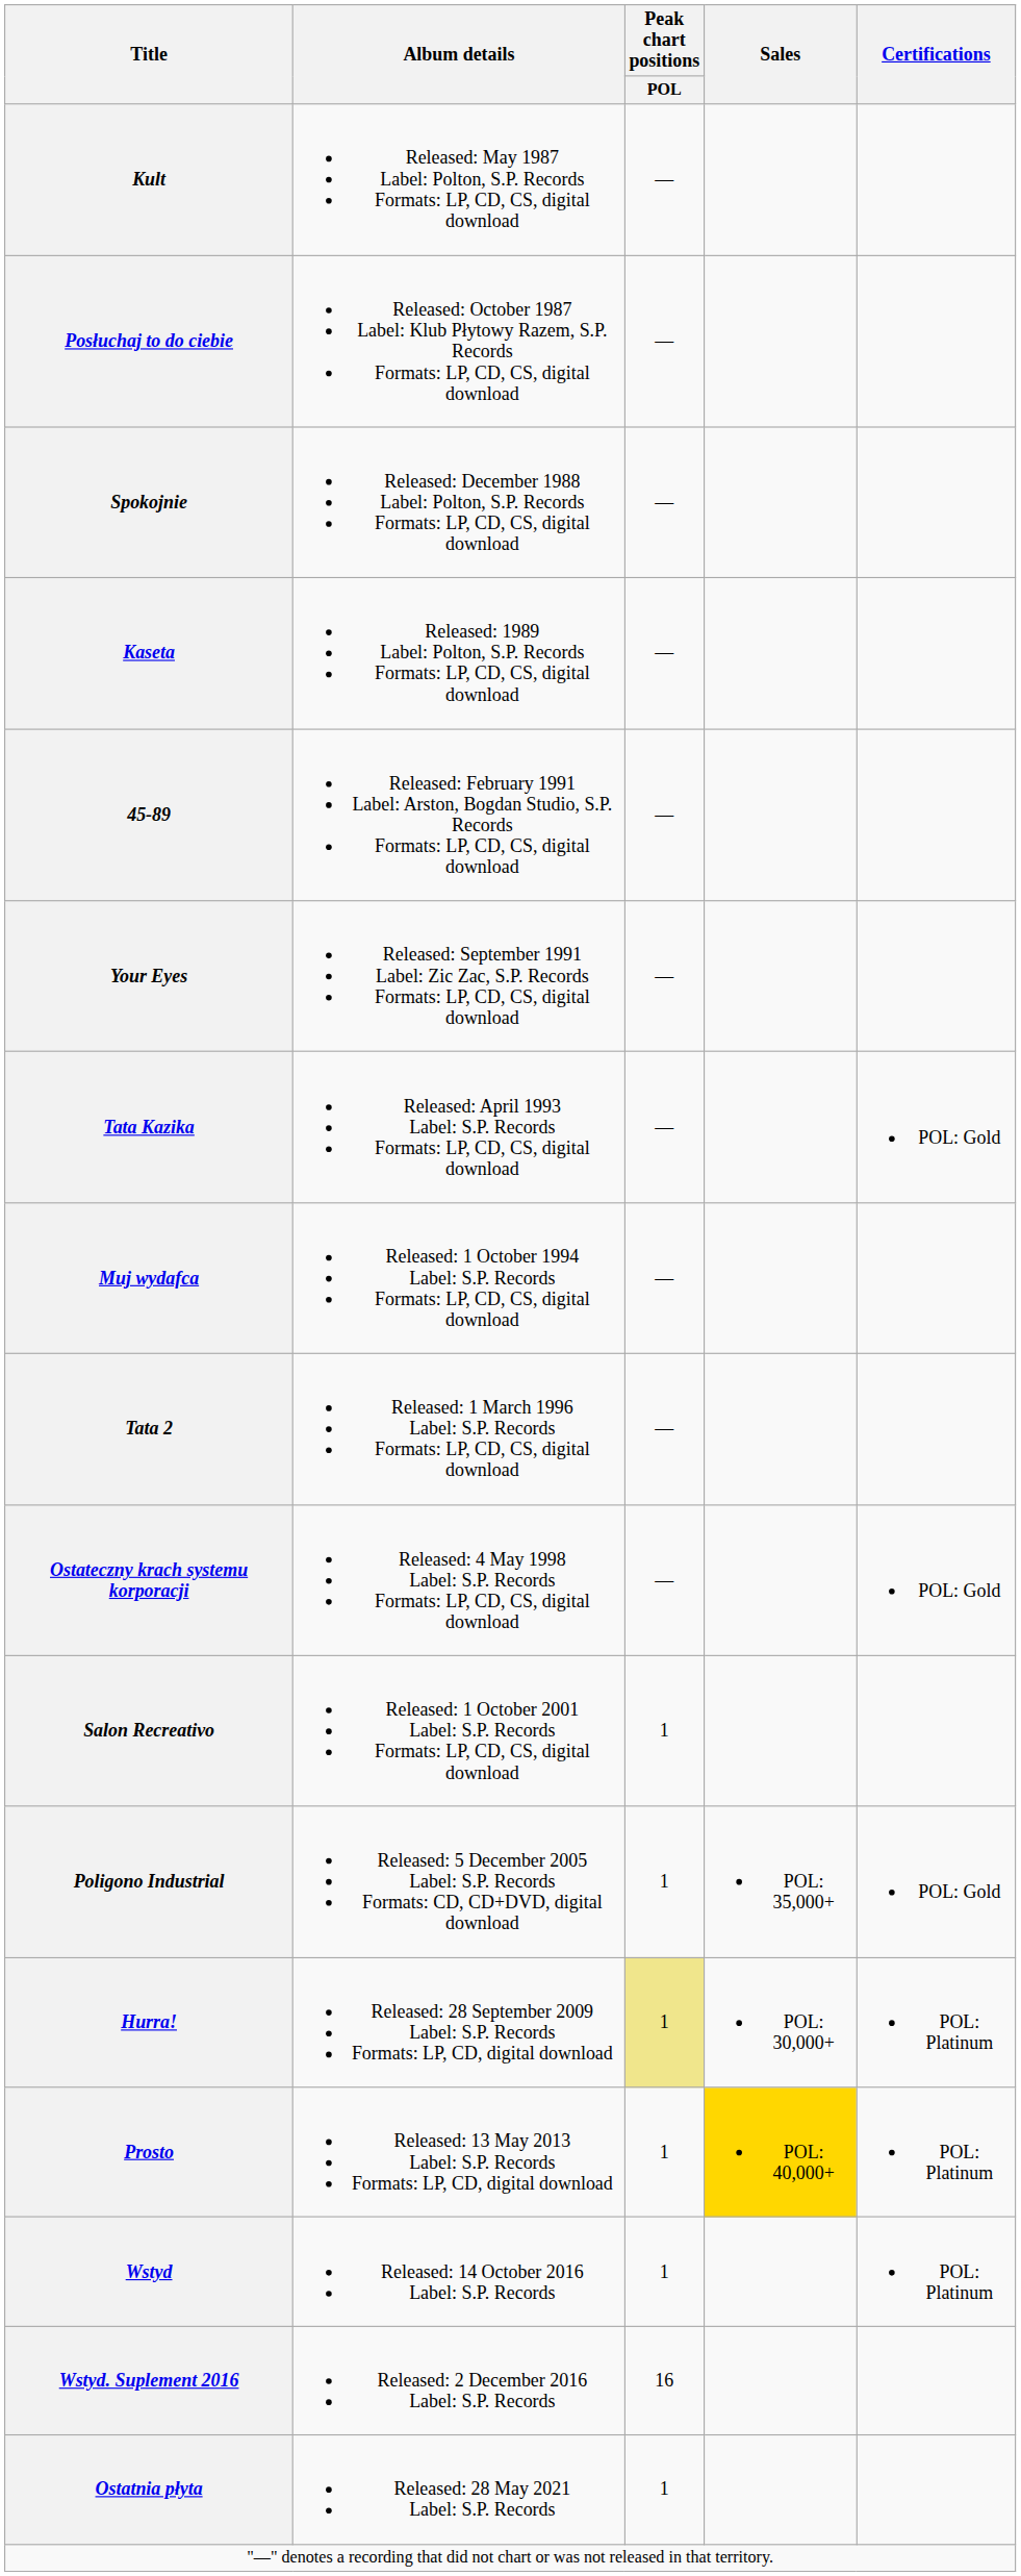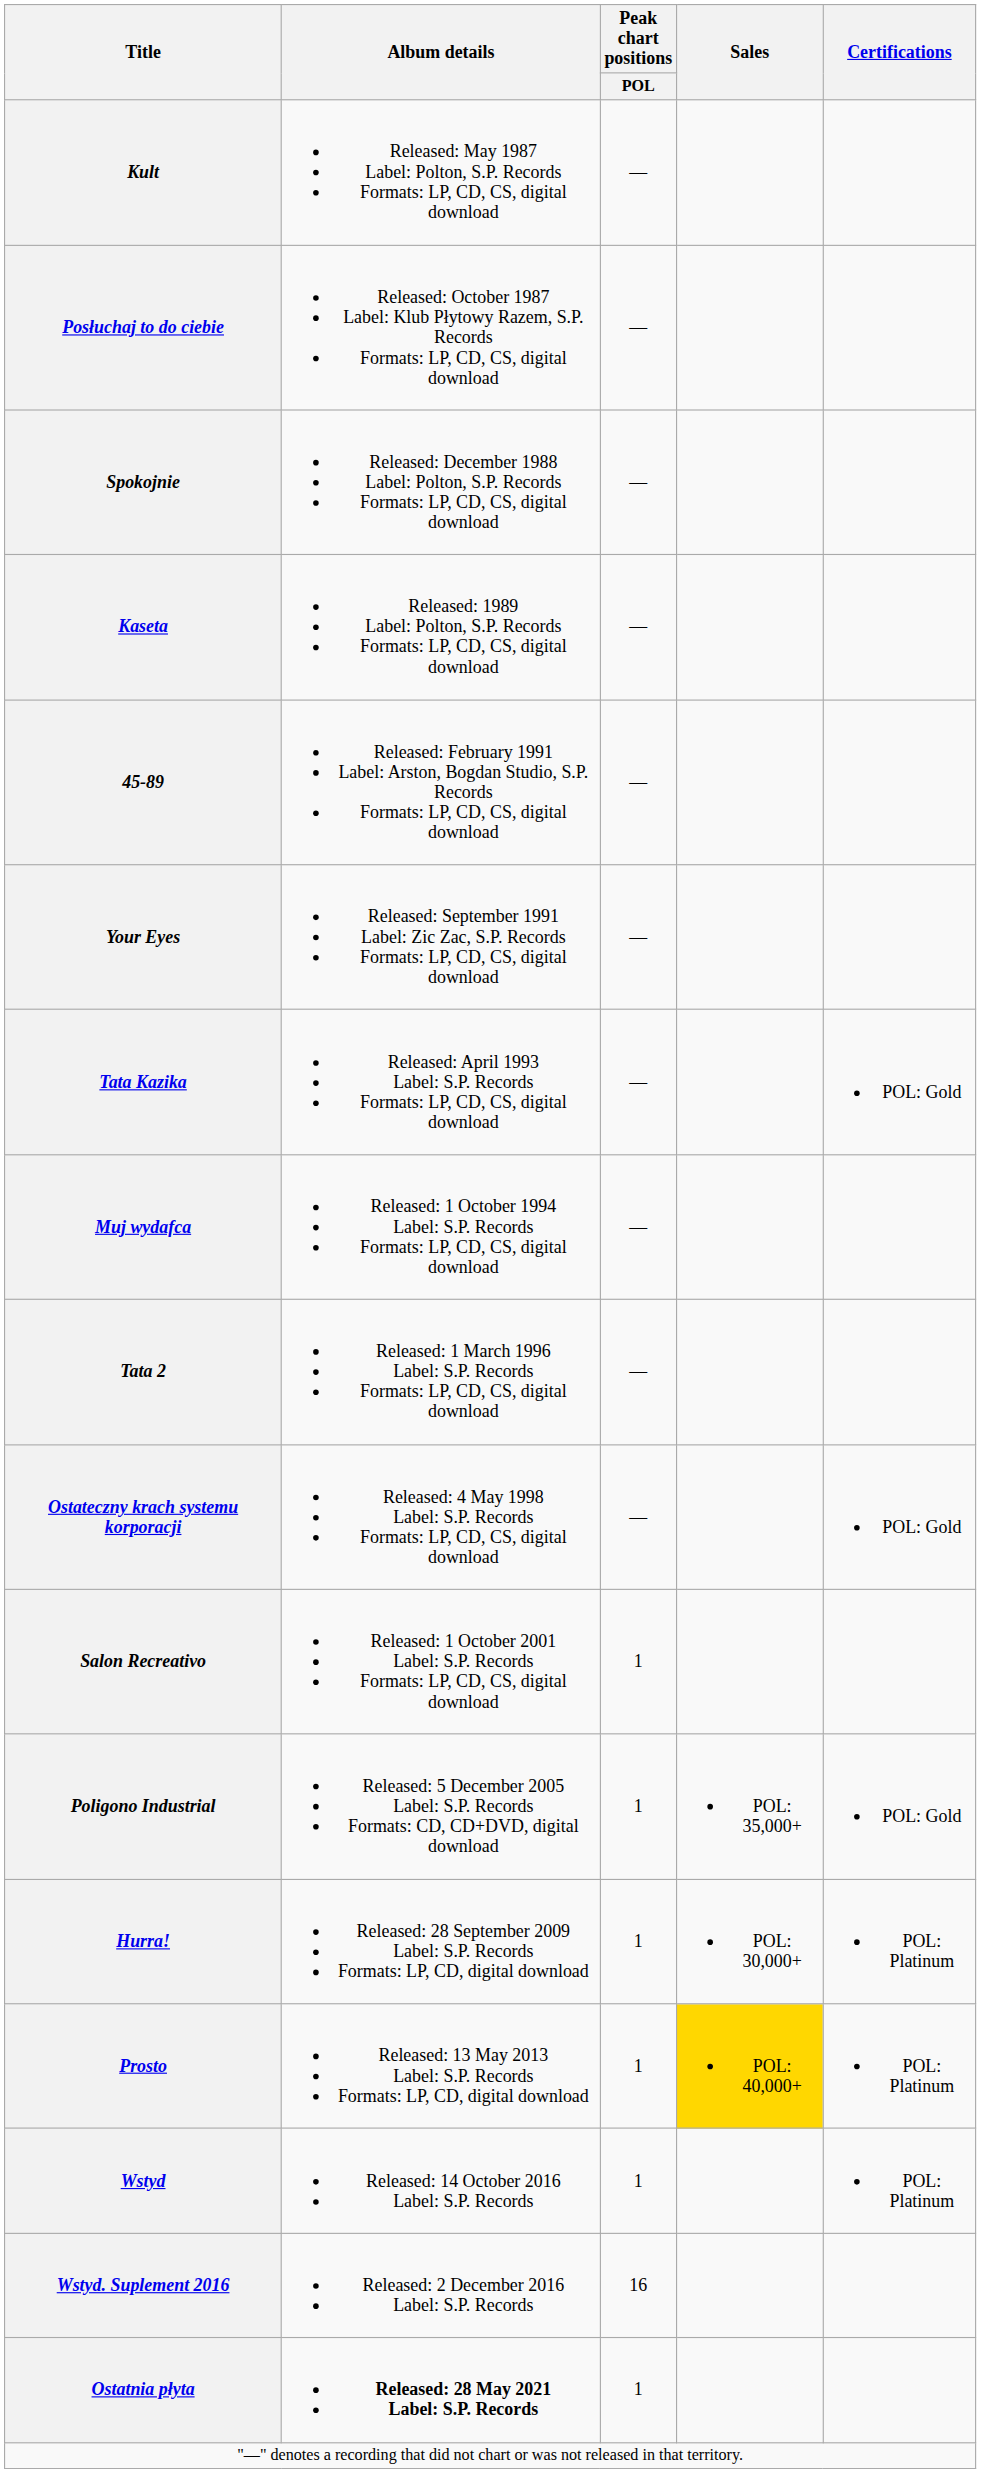 <table class="wikitable plainrowheaders" style="text-align:center;">
 <tr>
 <th scope="col" rowspan="2" style="width:15em;">Title</th>
 <th scope="col" rowspan="2">Album details</th>
 <th scope="col" colspan="1">Peak chart positions</th>
 <th scope="col" rowspan="2">Sales</th>
 <th scope="col" rowspan="2"><a href='#'>Certifications</a></th>
 </tr>
 <tr>
 <th scope="col" style="width:3em;font-size:90%;">POL<br></th>
 </tr>
 <tr>
 <th scope="row"><em>Kult</em></th>
 <td><br><ul><li>Released: May 1987</li><li>Label: Polton, S.P. Records</li><li>Formats: LP, CD, CS, digital download</li></ul></td>
 <td>—</td>
 <td></td>
 <td></td>
 </tr>
 <tr>
 <th scope="row"><em><a href='#'>Posłuchaj to do ciebie</a></em></th>
 <td><br><ul><li>Released: October 1987</li><li>Label: Klub Płytowy Razem, S.P. Records</li><li>Formats: LP, CD, CS, digital download</li></ul></td>
 <td>—</td>
 <td></td>
 <td></td>
 </tr>
 <tr>
 <th scope="row"><em>Spokojnie</em></th>
 <td><br><ul><li>Released: December 1988</li><li>Label: Polton, S.P. Records</li><li>Formats: LP, CD, CS, digital download</li></ul></td>
 <td>—</td>
 <td></td>
 <td></td>
 </tr>
 <tr>
 <th scope="row"><em><a href='#'>Kaseta</a></em></th>
 <td><br><ul><li>Released: 1989</li><li>Label: Polton, S.P. Records</li><li>Formats: LP, CD, CS, digital download</li></ul></td>
 <td>—</td>
 <td></td>
 <td></td>
 </tr>
 <tr>
 <th scope="row"><em>45-89</em></th>
 <td><br><ul><li>Released: February 1991</li><li>Label: Arston, Bogdan Studio, S.P. Records</li><li>Formats: LP, CD, CS, digital download</li></ul></td>
 <td>—</td>
 <td></td>
 <td></td>
 </tr>
 <tr>
 <th scope="row"><em>Your Eyes</em></th>
 <td><br><ul><li>Released: September 1991</li><li>Label: Zic Zac, S.P. Records</li><li>Formats: LP, CD, CS, digital download</li></ul></td>
 <td>—</td>
 <td></td>
 <td></td>
 </tr>
 <tr>
 <th scope="row"><em><a href='#'>Tata Kazika</a></em></th>
 <td><br><ul><li>Released: April 1993</li><li>Label: S.P. Records</li><li>Formats: LP, CD, CS, digital download</li></ul></td>
 <td>—</td>
 <td></td>
 <td><br><ul><li>POL: Gold</li></ul></td>
 </tr>
 <tr>
 <th scope="row"><em><a href='#'>Muj wydafca</a></em></th>
 <td><br><ul><li>Released: 1 October 1994</li><li>Label: S.P. Records</li><li>Formats: LP, CD, CS, digital download</li></ul></td>
 <td>—</td>
 <td></td>
 <td></td>
 </tr>
 <tr>
 <th scope="row"><em>Tata 2</em></th>
 <td><br><ul><li>Released: 1 March 1996</li><li>Label: S.P. Records</li><li>Formats: LP, CD, CS, digital download</li></ul></td>
 <td>—</td>
 <td></td>
 <td></td>
 </tr>
 <tr>
 <th scope="row"><em><a href='#'>Ostateczny krach systemu korporacji</a></em></th>
 <td><br><ul><li>Released: 4 May 1998</li><li>Label: S.P. Records</li><li>Formats: LP, CD, CS, digital download</li></ul></td>
 <td>—</td>
 <td></td>
 <td><br><ul><li>POL: Gold</li></ul></td>
 </tr>
 <tr>
 <th scope="row"><em>Salon Recreativo</em></th>
 <td><br><ul><li>Released: 1 October 2001</li><li>Label: S.P. Records</li><li>Formats: LP, CD, CS, digital download</li></ul></td>
 <td>1</td>
 <td></td>
 <td></td>
 </tr>
 <tr>
 <th scope="row"><em>Poligono Industrial</em></th>
 <td><br><ul><li>Released: 5 December 2005</li><li>Label: S.P. Records</li><li>Formats: CD, CD+DVD, digital download</li></ul></td>
 <td>1</td>
 <td><br><ul><li>POL: 35,000+</li></ul></td>
 <td><br><ul><li>POL: Gold</li></ul></td>
 </tr>
 <tr>
 <th scope="row"><em><a href='#'>Hurra!</a></em></th>
 <td><br><ul><li>Released: 28 September 2009</li><li>Label: S.P. Records</li><li>Formats: LP, CD, digital download</li></ul></td>
-<td style="background: khaki;">1</td>
+<td>1</td>
 <td><br><ul><li>POL: 30,000+</li></ul></td>
 <td><br><ul><li>POL: Platinum</li></ul></td>
 </tr>
 <tr>
 <th scope="row"><em><a href='#'>Prosto</a></em></th>
 <td><br><ul><li>Released: 13 May 2013</li><li>Label: S.P. Records</li><li>Formats: LP, CD, digital download</li></ul></td>
 <td>1</td>
 <td style="background: gold;"><br><ul><li>POL: 40,000+</li></ul></td>
 <td><br><ul><li>POL: Platinum</li></ul></td>
 </tr>
 <tr>
 <th scope="row"><em><a href='#'>Wstyd</a></em></th>
 <td><br><ul><li>Released: 14 October 2016</li><li>Label: S.P. Records</li></ul></td>
 <td>1</td>
 <td></td>
 <td><br><ul><li>POL: Platinum</li></ul></td>
 </tr>
 <tr>
 <th scope="row"><em><a href='#'>Wstyd. Suplement 2016</a></em></th>
 <td><br><ul><li>Released: 2 December 2016</li><li>Label: S.P. Records</li></ul></td>
 <td>16</td>
 <td></td>
 <td></td>
 </tr>
 <tr>
 <th scope="row"><em><a href='#'>Ostatnia płyta</a></em></th>
-<td><br><ul><li>Released: 28 May 2021</li><li>Label: S.P. Records</li></ul></td>
+<td><strong><br><ul><li>Released: 28 May 2021</li><li>Label: S.P. Records</li></ul></strong></td>
 <td>1</td>
 <td></td>
 <td></td>
 </tr>
 <tr>
 <td colspan="20" style="font-size:90%">"—" denotes a recording that did not chart or was not released in that territory.</td>
 </tr>
 </table>
